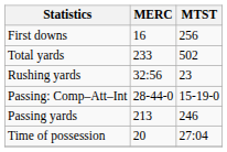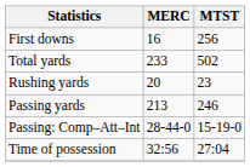 <table class="wikitable" style="float: left;">
 <tr>
 <th>Statistics</th>
 <th>MERC</th>
 <th>MTST</th>
 </tr>
 <tr>
 <td>First downs</td>
 <td>16</td>
 <td>256</td>
 </tr>
 <tr>
 <td>Total yards</td>
 <td>233</td>
 <td>502</td>
 </tr>
 <tr>
 <td>Rushing yards</td>
-<td>32:56</td>
+<td>20</td>
 <td>23</td>
+</tr>
+<tr>
+<td>Passing yards</td>
+<td>213</td>
+<td>246</td>
 </tr>
 <tr>
 <td>Passing: Comp–Att–Int</td>
 <td>28-44-0</td>
 <td>15-19-0</td>
 </tr>
 <tr>
-<td>Passing yards</td>
-<td>213</td>
-<td>246</td>
-</tr>
-<tr>
 <td>Time of possession</td>
-<td>20</td>
+<td>32:56</td>
 <td>27:04</td>
 </tr>
 <tr>
 </tr>
 </table>
